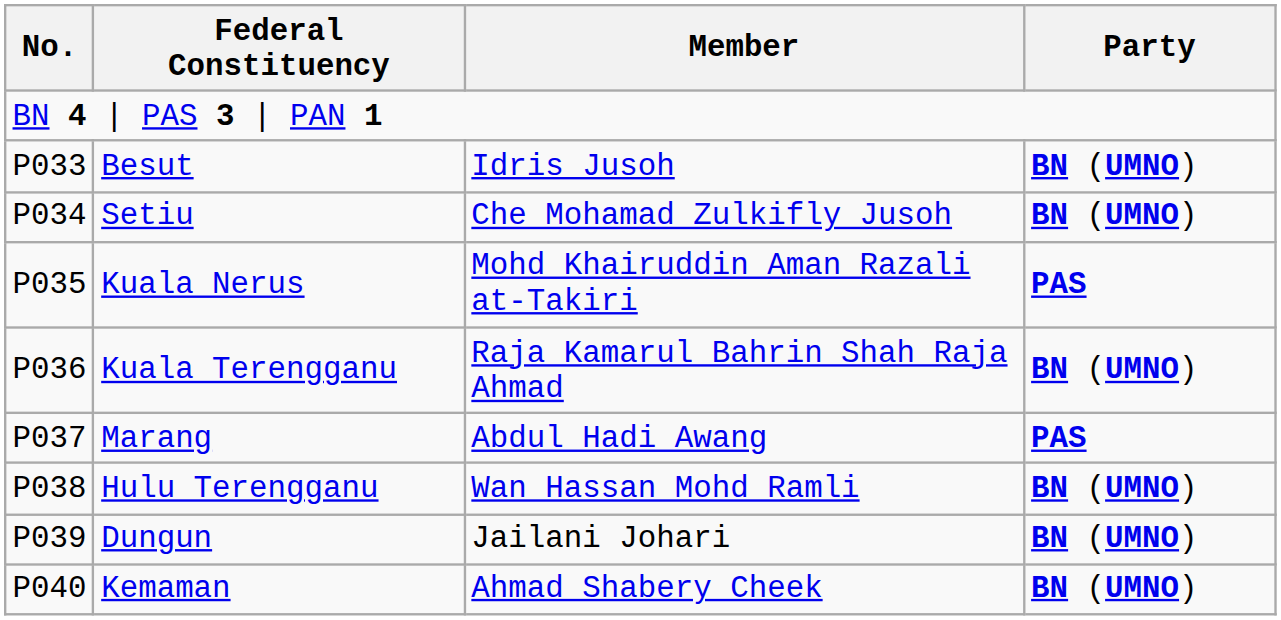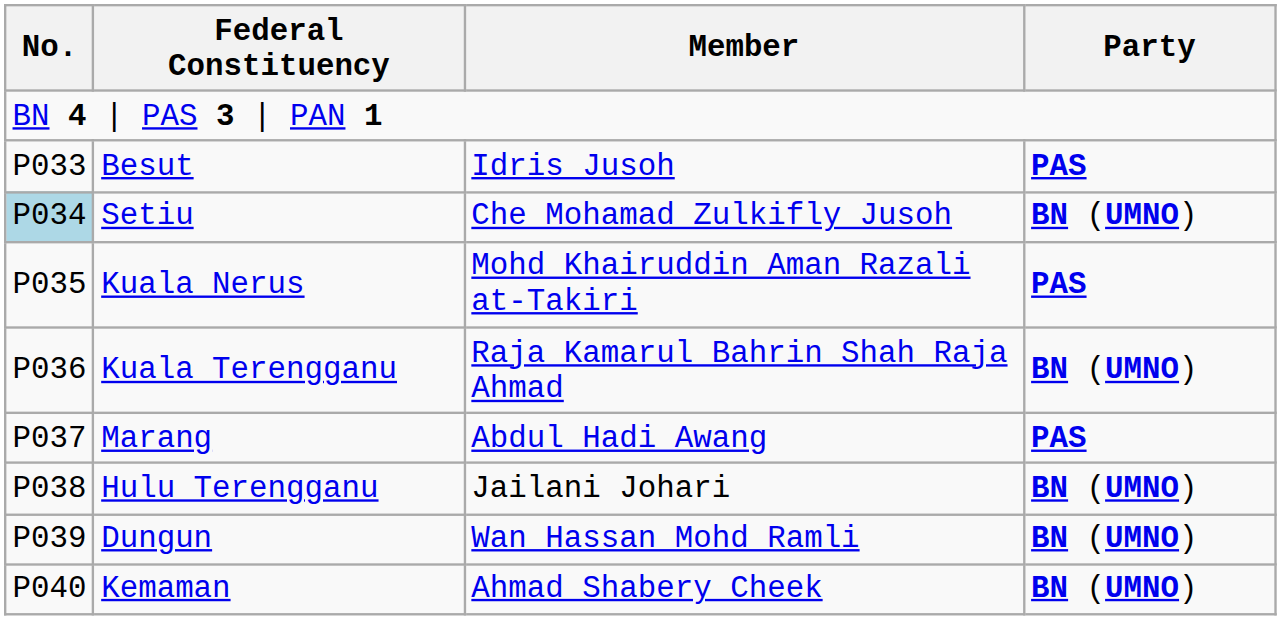 <table class ="wikitable sortable">
 <tr>
 <th style="width:30px;">No.</th>
 <th style="width:150px;">Federal Constituency</th>
 <th style="width:230px;">Member</th>
 <th style="width:100px;">Party</th>
 </tr>
 <tr>
 <td colspan="4"><a href='#'>BN</a> <strong>4</strong> | <a href='#'>PAS</a> <strong>3</strong> | <a href='#'>PAN</a> <strong>1</strong></td>
 </tr>
 <tr>
 <td>P033</td>
 <td><a href='#'>Besut</a></td>
 <td><a href='#'>Idris Jusoh</a></td>
-<td><strong><a href='#'>BN</a></strong> (<strong><a href='#'>UMNO</a></strong>)</td>
+<td><strong><a href='#'>PAS</a></strong></td>
 </tr>
 <tr>
-<td>P034</td>
+<td style="background: lightblue;">P034</td>
 <td><a href='#'>Setiu</a></td>
 <td><a href='#'>Che Mohamad Zulkifly Jusoh</a></td>
 <td><strong><a href='#'>BN</a></strong> (<strong><a href='#'>UMNO</a></strong>)</td>
 </tr>
 <tr>
 <td>P035</td>
 <td><a href='#'>Kuala Nerus</a></td>
 <td><a href='#'>Mohd Khairuddin Aman Razali at-Takiri</a></td>
 <td><strong><a href='#'>PAS</a></strong></td>
 </tr>
 <tr>
 <td>P036</td>
 <td><a href='#'>Kuala Terengganu</a></td>
 <td><a href='#'>Raja Kamarul Bahrin Shah Raja Ahmad</a></td>
 <td><strong><a href='#'>BN</a></strong> (<strong><a href='#'>UMNO</a></strong>)</td>
 </tr>
 <tr>
 <td>P037</td>
 <td><a href='#'>Marang</a></td>
 <td><a href='#'>Abdul Hadi Awang</a></td>
 <td><strong><a href='#'>PAS</a></strong></td>
 </tr>
 <tr>
 <td>P038</td>
 <td><a href='#'>Hulu Terengganu</a></td>
-<td><a href='#'>Wan Hassan Mohd Ramli</a></td>
+<td>Jailani Johari</td>
 <td><strong><a href='#'>BN</a></strong> (<strong><a href='#'>UMNO</a></strong>)</td>
 </tr>
 <tr>
 <td>P039</td>
 <td><a href='#'>Dungun</a></td>
-<td>Jailani Johari</td>
+<td><a href='#'>Wan Hassan Mohd Ramli</a></td>
 <td><strong><a href='#'>BN</a></strong> (<strong><a href='#'>UMNO</a></strong>)</td>
 </tr>
 <tr>
 <td>P040</td>
 <td><a href='#'>Kemaman</a></td>
 <td><a href='#'>Ahmad Shabery Cheek</a></td>
 <td><strong><a href='#'>BN</a></strong> (<strong><a href='#'>UMNO</a></strong>)</td>
 </tr>
 </table>
